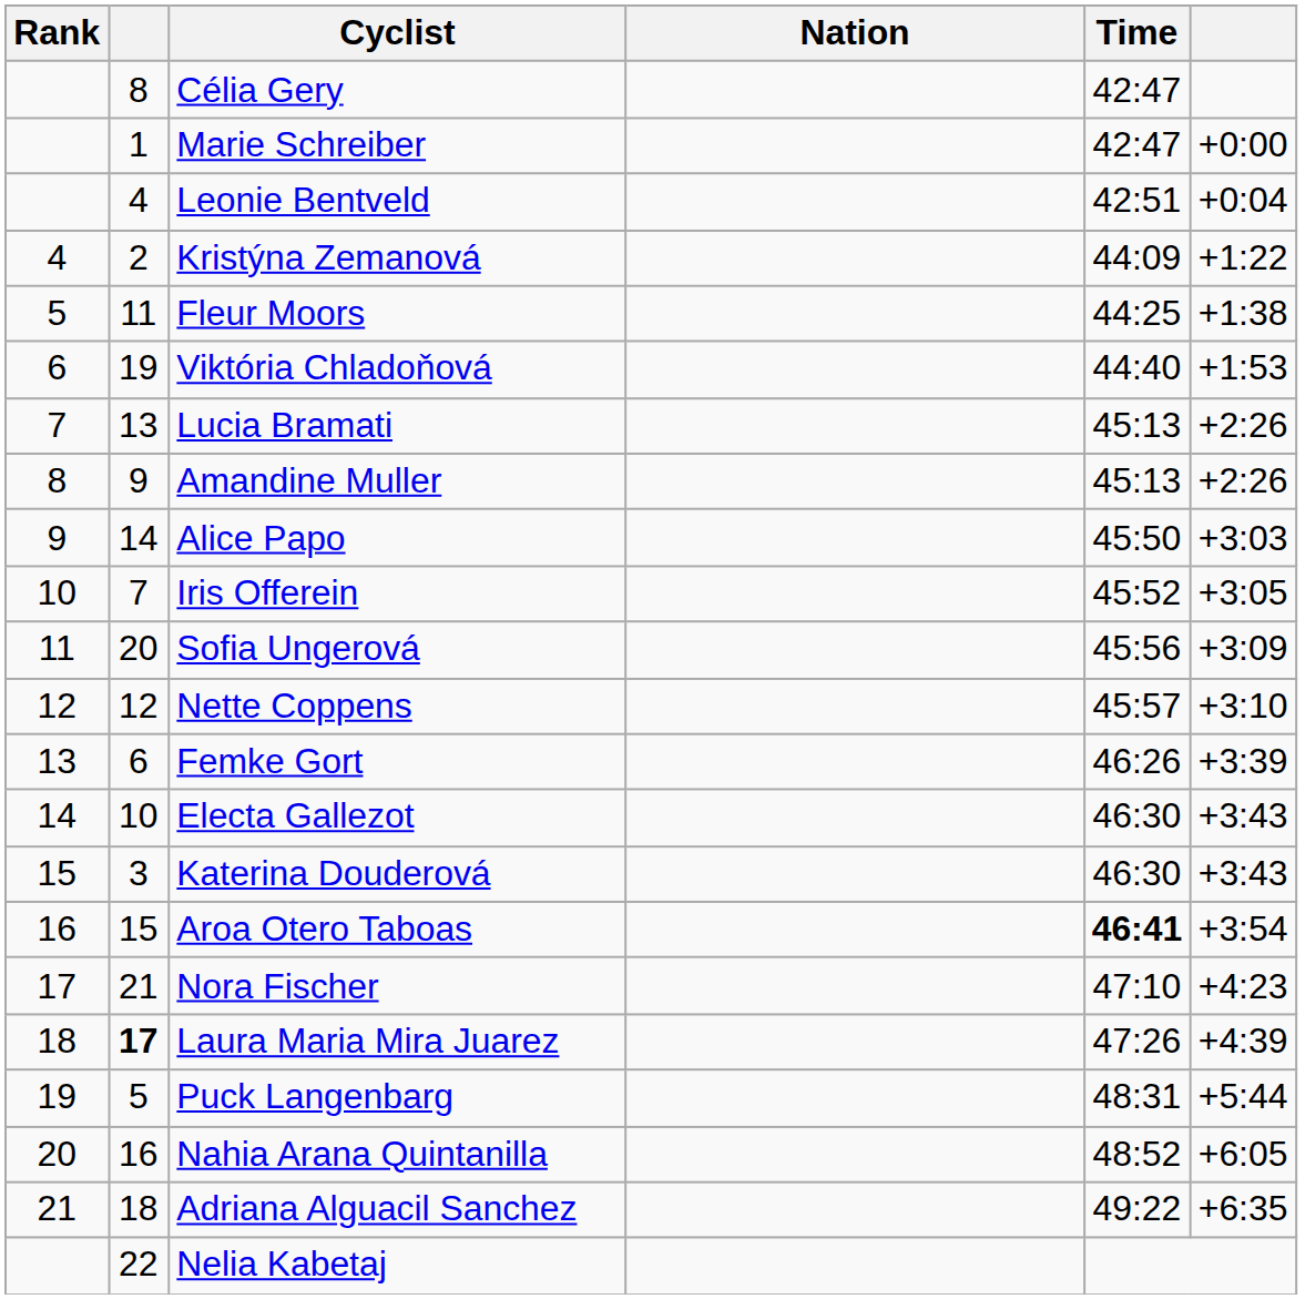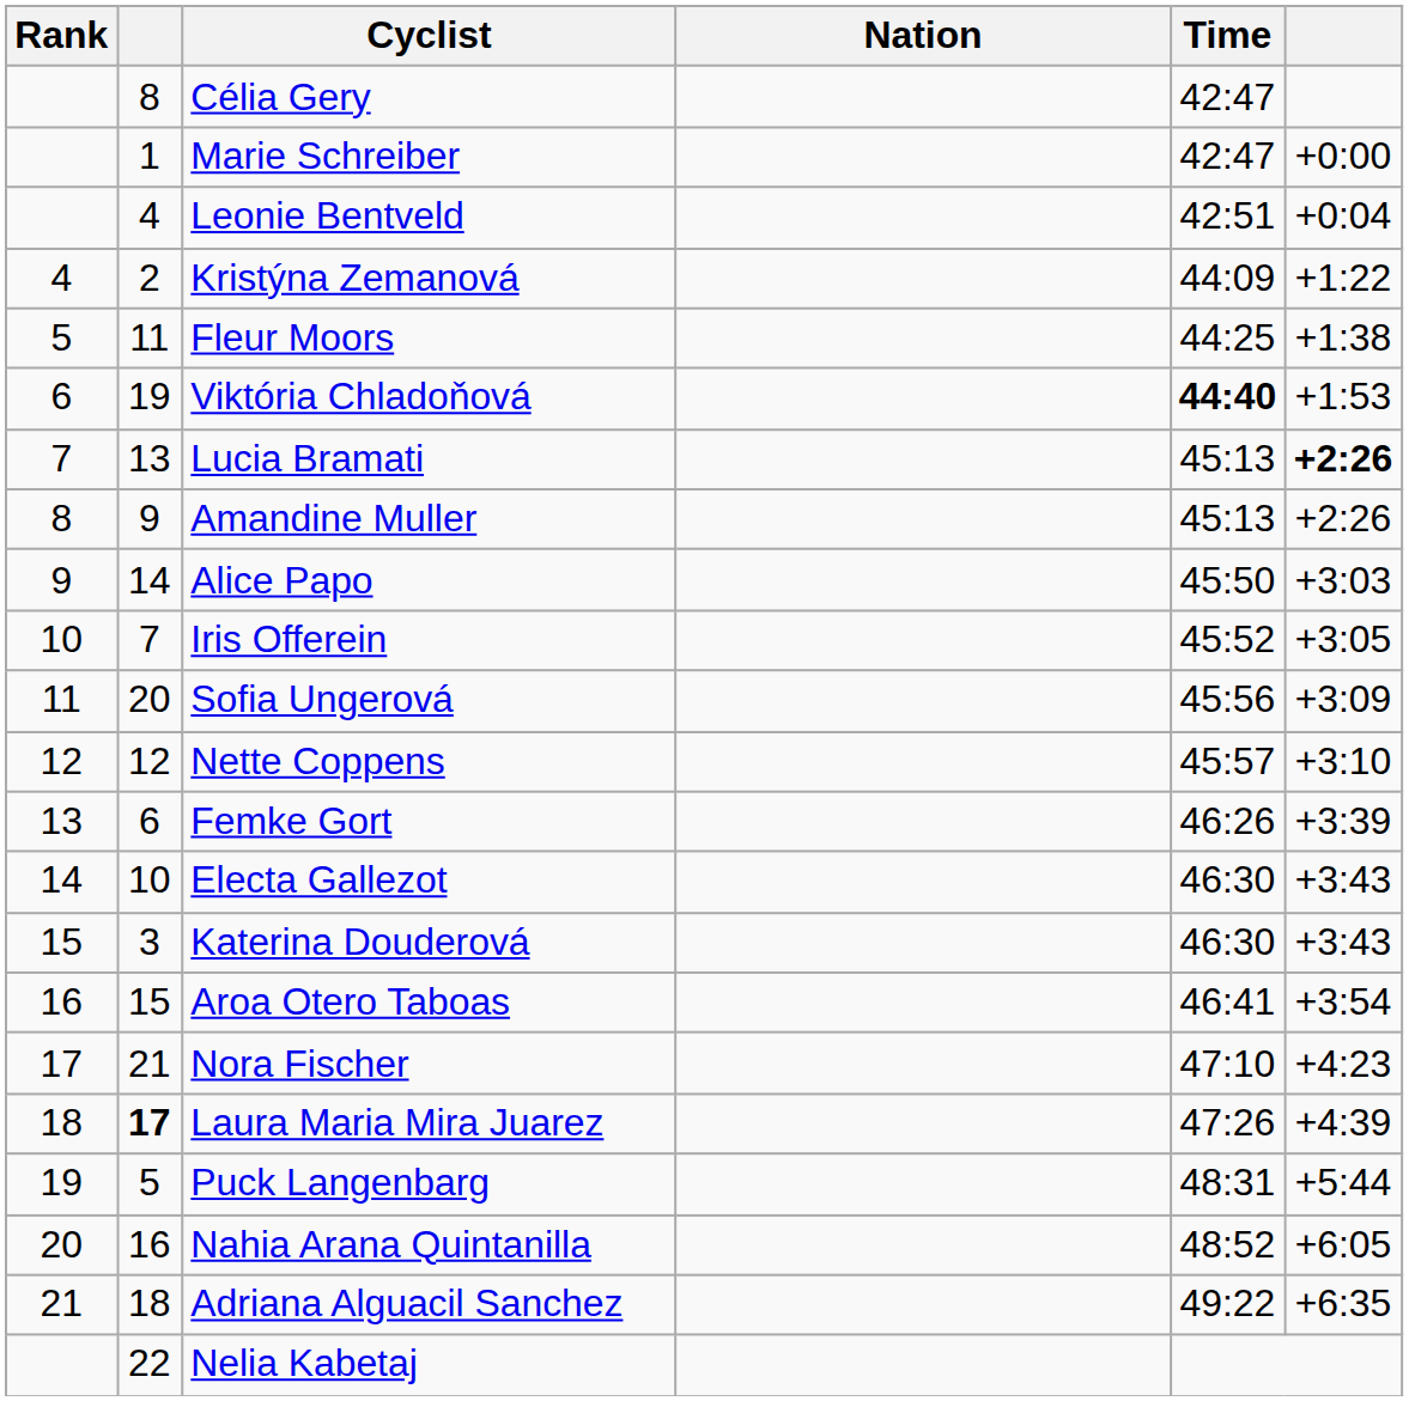 <table class="wikitable sortable" style="text-align:center">
 <tr style="background:#efefef;">
 <th width="30">Rank</th>
 <th width="20"></th>
 <th width="200">Cyclist</th>
 <th width="200">Nation</th>
 <th width="40">Time</th>
 <th width="40"></th>
 </tr>
 <tr>
 <td></td>
 <td>8</td>
 <td align="left"><a href='#'>Célia Gery</a></td>
 <td align="left"></td>
 <td>42:47</td>
 <td></td>
 </tr>
 <tr>
 <td></td>
 <td>1</td>
 <td align="left"><a href='#'>Marie Schreiber</a></td>
 <td align="left"></td>
 <td>42:47</td>
 <td>+0:00</td>
 </tr>
 <tr>
 <td></td>
 <td>4</td>
 <td align="left"><a href='#'>Leonie Bentveld</a></td>
 <td align="left"></td>
 <td>42:51</td>
 <td>+0:04</td>
 </tr>
 <tr>
 <td>4</td>
 <td>2</td>
 <td align="left"><a href='#'>Kristýna Zemanová</a></td>
 <td align="left"></td>
 <td>44:09</td>
 <td>+1:22</td>
 </tr>
 <tr>
 <td>5</td>
 <td>11</td>
 <td align="left"><a href='#'>Fleur Moors</a></td>
 <td align="left"></td>
 <td>44:25</td>
 <td>+1:38</td>
 </tr>
 <tr>
 <td>6</td>
 <td>19</td>
 <td align="left"><a href='#'>Viktória Chladoňová</a></td>
 <td align="left"></td>
-<td>44:40</td>
+<td><strong>44:40</strong></td>
 <td>+1:53</td>
 </tr>
 <tr>
 <td>7</td>
 <td>13</td>
 <td align="left"><a href='#'>Lucia Bramati</a></td>
 <td align="left"></td>
 <td>45:13</td>
-<td>+2:26</td>
+<td><strong>+2:26</strong></td>
 </tr>
 <tr>
 <td>8</td>
 <td>9</td>
 <td align="left"><a href='#'>Amandine Muller</a></td>
 <td align="left"></td>
 <td>45:13</td>
 <td>+2:26</td>
 </tr>
 <tr>
 <td>9</td>
 <td>14</td>
 <td align="left"><a href='#'>Alice Papo</a></td>
 <td align="left"></td>
 <td>45:50</td>
 <td>+3:03</td>
 </tr>
 <tr>
 <td>10</td>
 <td>7</td>
 <td align="left"><a href='#'>Iris Offerein</a></td>
 <td align="left"></td>
 <td>45:52</td>
 <td>+3:05</td>
 </tr>
 <tr>
 <td>11</td>
 <td>20</td>
 <td align="left"><a href='#'>Sofia Ungerová</a></td>
 <td align="left"></td>
 <td>45:56</td>
 <td>+3:09</td>
 </tr>
 <tr>
 <td>12</td>
 <td>12</td>
 <td align="left"><a href='#'>Nette Coppens</a></td>
 <td align="left"></td>
 <td>45:57</td>
 <td>+3:10</td>
 </tr>
 <tr>
 <td>13</td>
 <td>6</td>
 <td align="left"><a href='#'>Femke Gort</a></td>
 <td align="left"></td>
 <td>46:26</td>
 <td>+3:39</td>
 </tr>
 <tr>
 <td>14</td>
 <td>10</td>
 <td align="left"><a href='#'>Electa Gallezot</a></td>
 <td align="left"></td>
 <td>46:30</td>
 <td>+3:43</td>
 </tr>
 <tr>
 <td>15</td>
 <td>3</td>
 <td align="left"><a href='#'>Katerina Douderová</a></td>
 <td align="left"></td>
 <td>46:30</td>
 <td>+3:43</td>
 </tr>
 <tr>
 <td>16</td>
 <td>15</td>
 <td align="left"><a href='#'>Aroa Otero Taboas</a></td>
 <td align="left"></td>
-<td><strong>46:41</strong></td>
+<td>46:41</td>
 <td>+3:54</td>
 </tr>
 <tr>
 <td>17</td>
 <td>21</td>
 <td align="left"><a href='#'>Nora Fischer</a></td>
 <td align="left"></td>
 <td>47:10</td>
 <td>+4:23</td>
 </tr>
 <tr>
 <td>18</td>
 <td><strong>17</strong></td>
 <td align="left"><a href='#'>Laura Maria Mira Juarez</a></td>
 <td align="left"></td>
 <td>47:26</td>
 <td>+4:39</td>
 </tr>
 <tr>
 <td>19</td>
 <td>5</td>
 <td align="left"><a href='#'>Puck Langenbarg</a></td>
 <td align="left"></td>
 <td>48:31</td>
 <td>+5:44</td>
 </tr>
 <tr>
 <td>20</td>
 <td>16</td>
 <td align="left"><a href='#'>Nahia Arana Quintanilla</a></td>
 <td align="left"></td>
 <td>48:52</td>
 <td>+6:05</td>
 </tr>
 <tr>
 <td>21</td>
 <td>18</td>
 <td align="left"><a href='#'>Adriana Alguacil Sanchez</a></td>
 <td align="left"></td>
 <td>49:22</td>
 <td>+6:35</td>
 </tr>
 <tr>
 <td></td>
 <td>22</td>
 <td align="left"><a href='#'>Nelia Kabetaj</a></td>
 <td align="left"></td>
 <td colspan="2"></td>
 </tr>
 </table>
